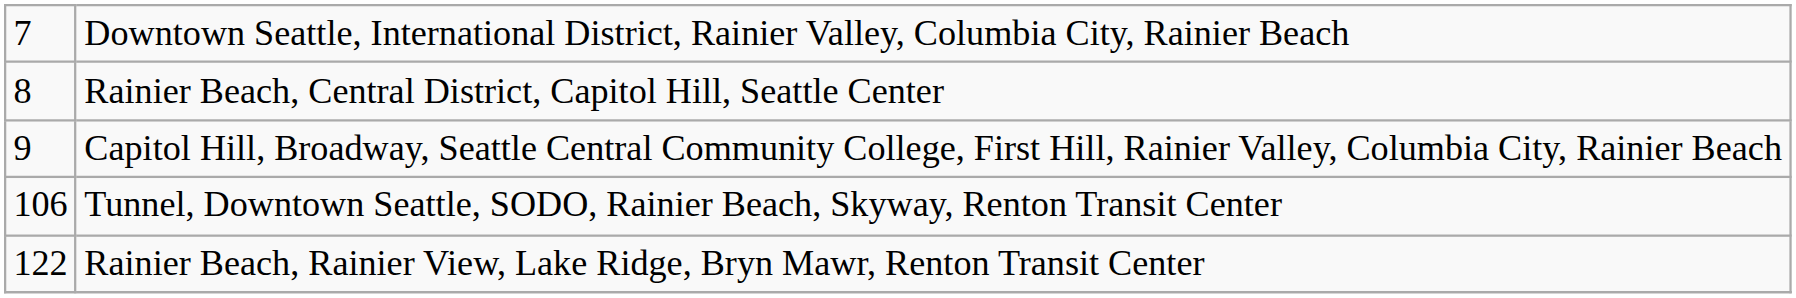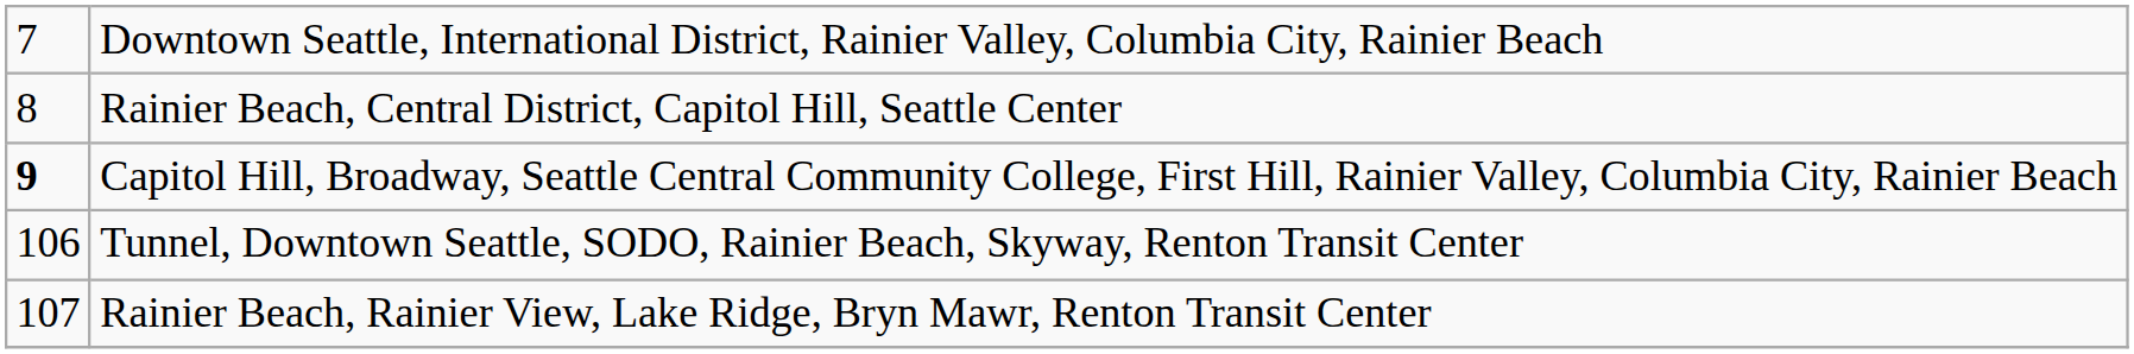 <table class="wikitable">
 <tr>
 <td>7</td>
 <td>Downtown Seattle, International District, Rainier Valley, Columbia City, Rainier Beach</td>
 </tr>
 <tr>
 <td>8</td>
 <td>Rainier Beach, Central District, Capitol Hill, Seattle Center</td>
 </tr>
 <tr>
-<td>9</td>
+<td><strong>9</strong></td>
 <td>Capitol Hill, Broadway, Seattle Central Community College, First Hill, Rainier Valley, Columbia City, Rainier Beach</td>
 </tr>
 <tr>
 <td>106</td>
 <td>Tunnel, Downtown Seattle, SODO, Rainier Beach, Skyway, Renton Transit Center</td>
 </tr>
 <tr>
-<td>122</td>
+<td>107</td>
 <td>Rainier Beach, Rainier View, Lake Ridge, Bryn Mawr, Renton Transit Center</td>
 </tr>
 <tr>
 </tr>
 </table>
